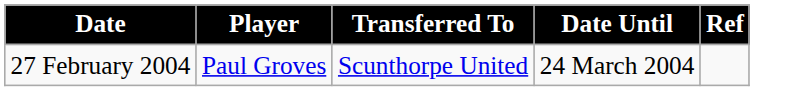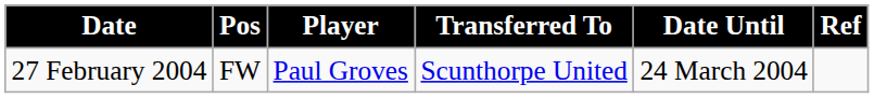 <table class="wikitable plainrowheaders sortable">
 <tr>
 <th style="background:#000000; color:#FFFFFF; ">Date</th>
+<th style="background:#000000; color:#FFFFff; ">Pos</th>
 <th style="background:#000000; color:#FFFFff; ">Player</th>
 <th style="background:#000000; color:#FFFFff; ">Transferred To</th>
 <th style="background:#000000; color:#FFFFff; ">Date Until</th>
 <th style="background:#000000; color:#FFFFff; ">Ref</th>
 </tr>
 <tr>
 <td>27 February 2004</td>
+<td>FW</td>
 <td> <a href='#'>Paul Groves</a></td>
 <td> <a href='#'>Scunthorpe United</a></td>
 <td>24 March 2004</td>
 <td></td>
 </tr>
 </table>
